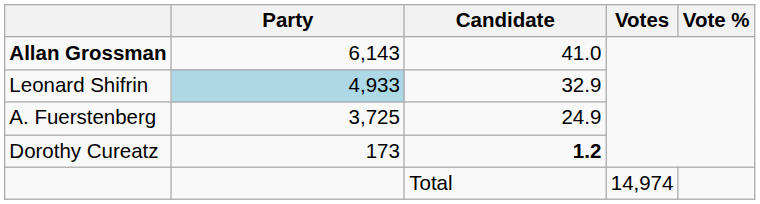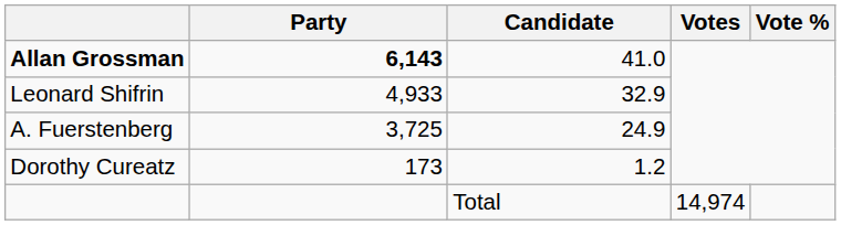 <table class="wikitable">
 <tr>
 <th></th>
 <th scope="col" width="175">Party</th>
 <th scope="col" width="150">Candidate</th>
 <th>Votes</th>
 <th>Vote %</th>
 </tr>
 <tr>
 <td><strong>Allan Grossman</strong></td>
-<td align=right>6,143</td>
+<td align=right><strong>6,143</strong></td>
 <td align=right>41.0</td>
 </tr>
 <tr |>
 <td>Leonard Shifrin</td>
-<td align=right style="background: lightblue;">4,933</td>
+<td align=right>4,933</td>
 <td align=right>32.9</td>
 </tr>
 <tr |>
 <td>A. Fuerstenberg</td>
 <td align=right>3,725</td>
 <td align=right>24.9</td>
 </tr>
 <tr |>
 <td>Dorothy Cureatz</td>
 <td align=right>173</td>
-<td align=right><strong>1.2</strong></td>
+<td align=right>1.2</td>
 </tr>
 <tr |>
 <td></td>
 <td></td>
 <td>Total</td>
 <td align=right>14,974</td>
 <td></td>
 </tr>
 </table>
